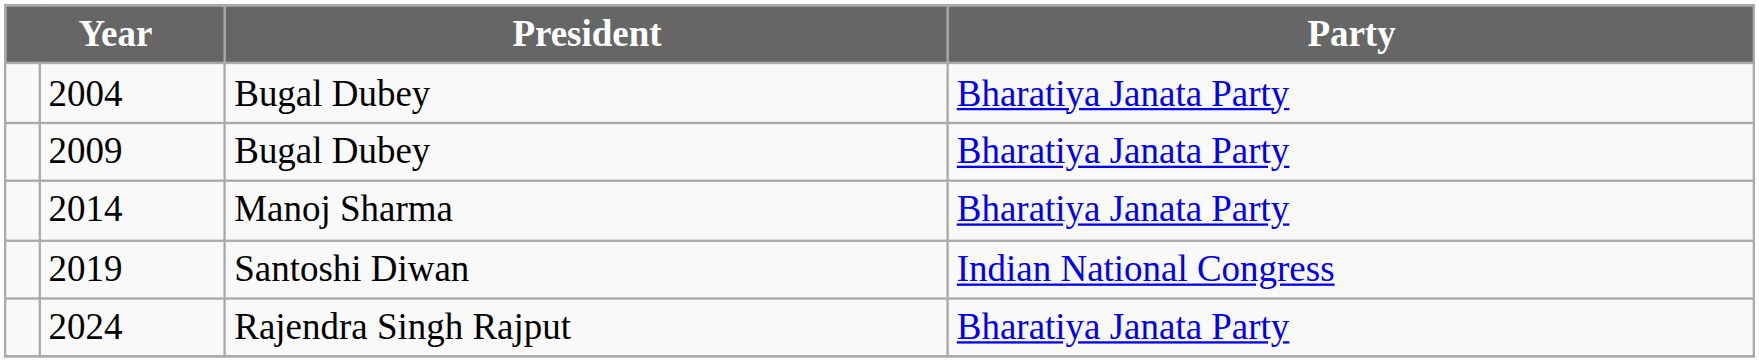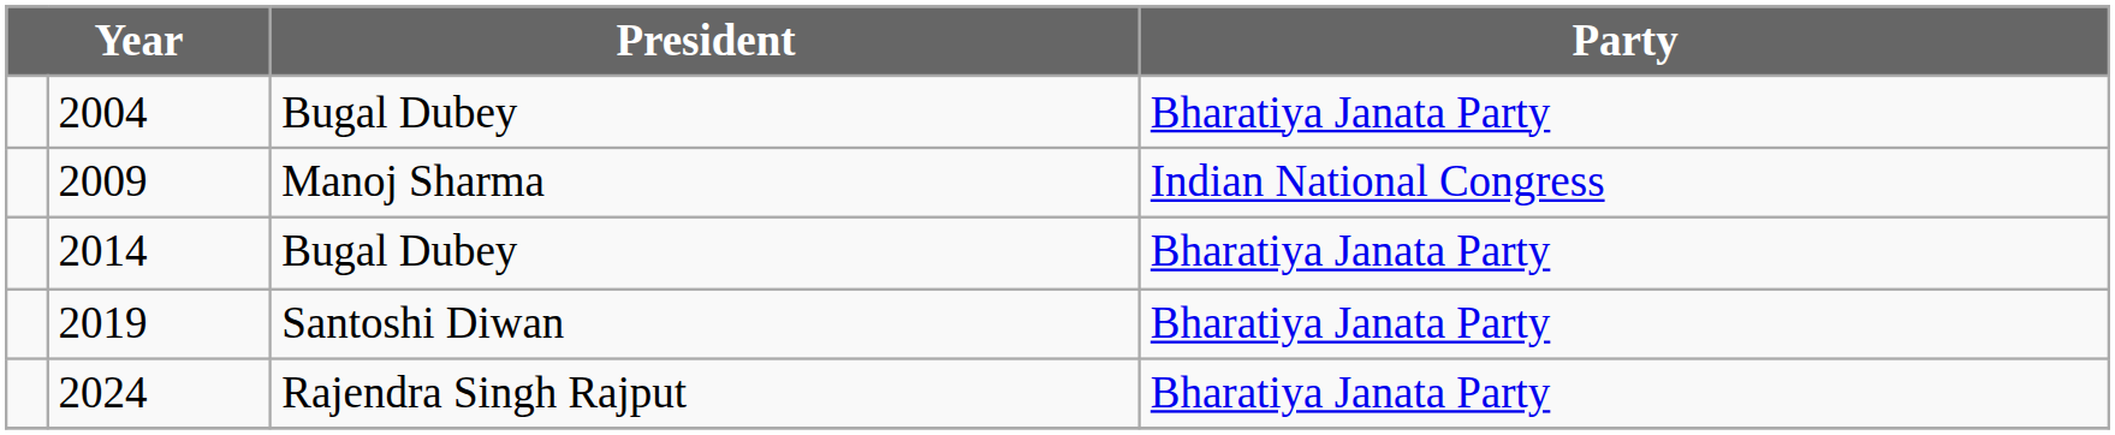 <table class="wikitable" width=60%>
 <tr>
 <th style="background-color:#666666; color:white" colspan="2">Year</th>
 <th style="background-color:#666666; color:white">President</th>
 <th style="background-color:#666666; color:white">Party</th>
 </tr>
 <tr>
 <td style="background-color: "></td>
 <td>2004</td>
 <td>Bugal Dubey</td>
 <td><a href='#'>Bharatiya Janata Party</a></td>
 </tr>
 <tr>
 <td style="background-color: "></td>
 <td>2009</td>
-<td>Bugal Dubey</td>
-<td><a href='#'>Bharatiya Janata Party</a></td>
+<td>Manoj Sharma</td>
+<td><a href='#'>Indian National Congress</a></td>
 </tr>
 <tr>
 <td style="background-color: "></td>
 <td>2014</td>
-<td>Manoj Sharma</td>
+<td>Bugal Dubey</td>
 <td><a href='#'>Bharatiya Janata Party</a></td>
 </tr>
 <tr>
 <td style="background-color: "></td>
 <td>2019</td>
 <td>Santoshi Diwan</td>
-<td><a href='#'>Indian National Congress</a></td>
+<td><a href='#'>Bharatiya Janata Party</a></td>
 </tr>
 <tr>
 <td style="background-color: "></td>
 <td>2024</td>
 <td>Rajendra Singh Rajput</td>
 <td><a href='#'>Bharatiya Janata Party</a></td>
 </tr>
 <tr>
 </tr>
 </table>
